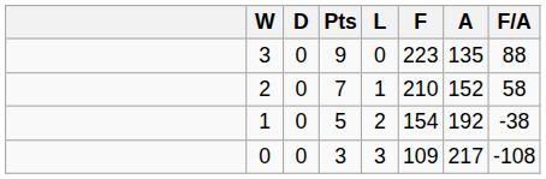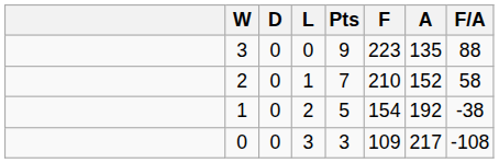 <table class=wikitable style="text-align:center">
 <tr>
 <th width=175></th>
 <th width=20>W</th>
 <th width=20>D</th>
+<th width=20>L</th>
 <th width=20>Pts</th>
-<th width=20>L</th>
 <th width=20>F</th>
 <th width=20>A</th>
 <th width=20>F/A</th>
 </tr>
 <tr>
 <td style="text-align:left;"></td>
 <td>3</td>
 <td>0</td>
+<td>0</td>
 <td>9</td>
-<td>0</td>
 <td>223</td>
 <td>135</td>
 <td>88</td>
 </tr>
 <tr>
 <td style="text-align:left;"></td>
 <td>2</td>
 <td>0</td>
+<td>1</td>
 <td>7</td>
-<td>1</td>
 <td>210</td>
 <td>152</td>
 <td>58</td>
 </tr>
 <tr>
 <td style="text-align:left;"></td>
 <td>1</td>
 <td>0</td>
+<td>2</td>
 <td>5</td>
-<td>2</td>
 <td>154</td>
 <td>192</td>
 <td>-38</td>
 </tr>
 <tr>
 <td style="text-align:left;"></td>
 <td>0</td>
 <td>0</td>
 <td>3</td>
 <td>3</td>
 <td>109</td>
 <td>217</td>
 <td>-108</td>
 </tr>
 </table>
